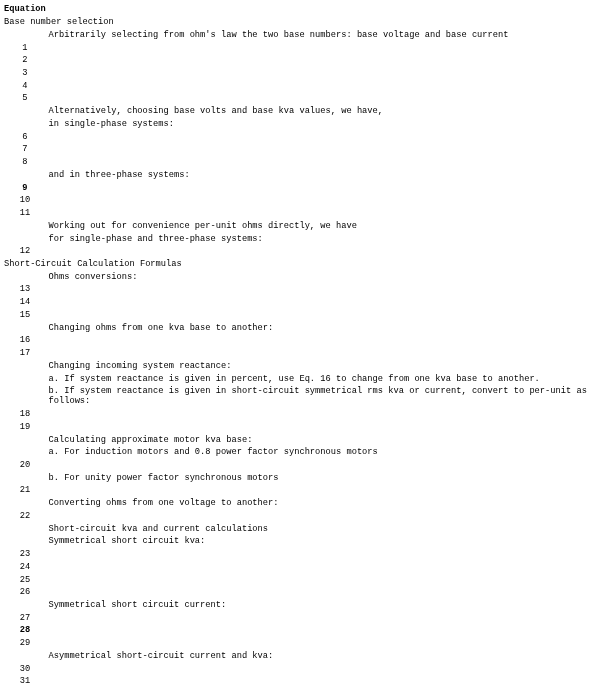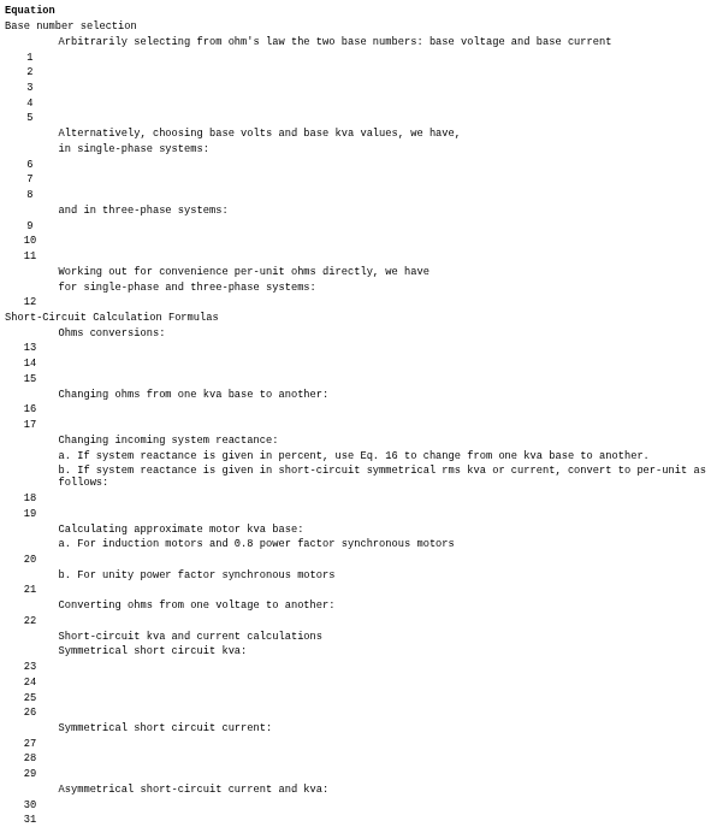 <table>
 <tr>
 <th>Equation</th>
 </tr>
 <tr>
 <td style="background:##ffdead;" colspan="2">Base number selection</td>
 </tr>
 <tr>
 <td></td>
 <td>Arbitrarily selecting from ohm's law the two base numbers: base voltage and base current</td>
 </tr>
 <tr>
 <td style="text-align:center;">1</td>
 <td></td>
 </tr>
 <tr>
 <td style="text-align:center;">2</td>
 <td></td>
 </tr>
 <tr>
 <td style="text-align:center;">3</td>
 <td></td>
 </tr>
 <tr>
 <td style="text-align:center;">4</td>
 <td></td>
 </tr>
 <tr>
 <td style="text-align:center;">5</td>
 <td></td>
 </tr>
 <tr>
 <td></td>
 <td>Alternatively, choosing base volts and base kva values, we have,</td>
 </tr>
 <tr>
 <td></td>
 <td>in single-phase systems:</td>
 </tr>
 <tr>
 <td style="text-align:center;">6</td>
 <td></td>
 </tr>
 <tr>
 <td style="text-align:center;">7</td>
 <td></td>
 </tr>
 <tr>
 <td style="text-align:center;">8</td>
 <td></td>
 </tr>
 <tr>
 <td></td>
 <td>and in three-phase systems:</td>
 </tr>
 <tr>
-<td style="text-align:center;"><strong>9</strong></td>
+<td style="text-align:center;">9</td>
 <td></td>
 </tr>
 <tr>
 <td style="text-align:center;">10</td>
 <td></td>
 </tr>
 <tr>
 <td style="text-align:center;">11</td>
 <td></td>
 </tr>
 <tr>
 <td></td>
 <td>Working out for convenience per-unit ohms directly, we have</td>
 </tr>
 <tr>
 <td></td>
 <td>for single-phase and three-phase systems:</td>
 </tr>
 <tr>
 <td style="text-align:center;">12</td>
 <td></td>
 </tr>
 <tr>
 <td style="background:##ffdead;" colspan="2">Short-Circuit Calculation Formulas</td>
 </tr>
 <tr>
 <td></td>
 <td style="background:##ffdead;" colspan="2">Ohms conversions:</td>
 </tr>
 <tr>
 <td style="text-align:center;">13</td>
 <td></td>
 </tr>
 <tr>
 <td style="text-align:center;">14</td>
 <td></td>
 </tr>
 <tr>
 <td style="text-align:center;">15</td>
 <td></td>
 </tr>
 <tr>
 <td></td>
 <td style="background:##ffdead;" colspan="2">Changing ohms from one kva base to another:</td>
 </tr>
 <tr>
 <td style="text-align:center;">16</td>
 <td></td>
 </tr>
 <tr>
 <td style="text-align:center;">17</td>
 <td></td>
 </tr>
 <tr>
 <td></td>
 <td style="background:##ffdead;" colspan="2">Changing incoming system reactance:</td>
 </tr>
 <tr>
 <td></td>
 <td>a. If system reactance is given in percent, use Eq. 16 to change from one kva base to another.</td>
 </tr>
 <tr>
 <td></td>
 <td>b. If system reactance is given in short-circuit symmetrical rms kva or current, convert to per-unit as follows:</td>
 </tr>
 <tr>
 <td style="text-align:center;">18</td>
 <td></td>
 </tr>
 <tr>
 <td style="text-align:center;">19</td>
 <td></td>
 </tr>
 <tr>
 <td></td>
 <td style="background:##ffdead;" colspan="2">Calculating approximate motor kva base:</td>
 </tr>
 <tr>
 <td></td>
 <td>a. For induction motors and 0.8 power factor synchronous motors</td>
 </tr>
 <tr>
 <td style="text-align:center;">20</td>
 <td></td>
 </tr>
 <tr>
 <td></td>
 <td>b. For unity power factor synchronous motors</td>
 </tr>
 <tr>
 <td style="text-align:center;">21</td>
 <td></td>
 </tr>
 <tr>
 <td></td>
 <td style="background:##ffdead;" colspan="2">Converting ohms from one voltage to another:</td>
 </tr>
 <tr>
 <td style="text-align:center;">22</td>
 <td></td>
 </tr>
 <tr>
 <td></td>
 <td align="left" style="background:##ffdead;" colspan="2">Short-circuit kva and current calculations</td>
 </tr>
 <tr>
 <td></td>
 <td>Symmetrical short circuit kva:</td>
 </tr>
 <tr>
 <td style="text-align:center;">23</td>
 <td></td>
 </tr>
 <tr>
 <td style="text-align:center;">24</td>
 <td></td>
 </tr>
 <tr>
 <td style="text-align:center;">25</td>
 <td></td>
 </tr>
 <tr>
 <td style="text-align:center;">26</td>
 <td></td>
 </tr>
 <tr>
 <td></td>
 <td>Symmetrical short circuit current:</td>
 </tr>
 <tr>
 <td style="text-align:center;">27</td>
 <td></td>
 </tr>
 <tr>
-<td style="text-align:center;"><strong>28</strong></td>
+<td style="text-align:center;">28</td>
 <td></td>
 </tr>
 <tr>
 <td style="text-align:center;">29</td>
 <td></td>
 </tr>
 <tr>
 <td></td>
 <td>Asymmetrical short-circuit current and kva:</td>
 </tr>
 <tr>
 <td style="text-align:center;">30</td>
 <td></td>
 </tr>
 <tr>
 <td style="text-align:center;">31</td>
 <td></td>
 </tr>
 </table>
